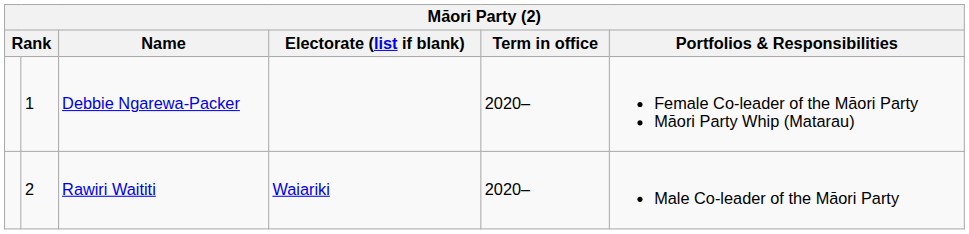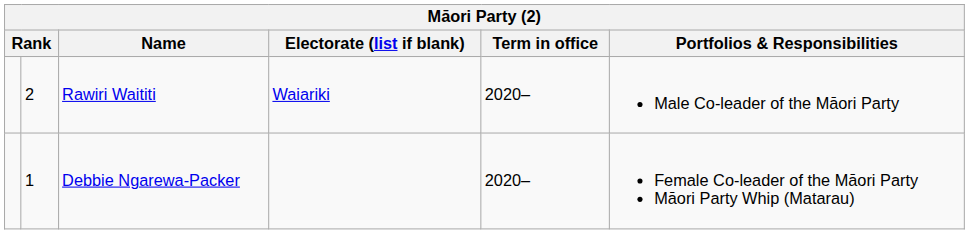 <table role="presentation" class="wikitable mw-collapsible mw-collapsed">
 <tr>
 <th colspan="6" style="width: 700pt; background: ">Māori Party (2)</th>
 </tr>
 <tr>
 <th colspan="2">Rank</th>
 <th>Name</th>
 <th>Electorate (<a href='#'>list</a> if blank)</th>
 <th>Term in office</th>
 <th>Portfolios & Responsibilities</th>
 </tr>
 <tr>
 <td></td>
+<td>2</td>
+<td><a href='#'>Rawiri Waititi</a></td>
+<td><a href='#'>Waiariki</a></td>
+<td>2020–</td>
+<td><br><ul><li>Male Co-leader of the Māori Party</li></ul></td>
+</tr>
+<tr>
+<td></td>
 <td>1</td>
 <td><a href='#'>Debbie Ngarewa-Packer</a></td>
 <td></td>
 <td>2020–</td>
 <td><br><ul><li>Female Co-leader of the Māori Party</li><li>Māori Party Whip (Matarau)</li></ul></td>
 </tr>
-<tr>
-<td></td>
-<td>2</td>
-<td><a href='#'>Rawiri Waititi</a></td>
-<td><a href='#'>Waiariki</a></td>
-<td>2020–</td>
-<td><br><ul><li>Male Co-leader of the Māori Party</li></ul></td>
-</tr>
 </table>
